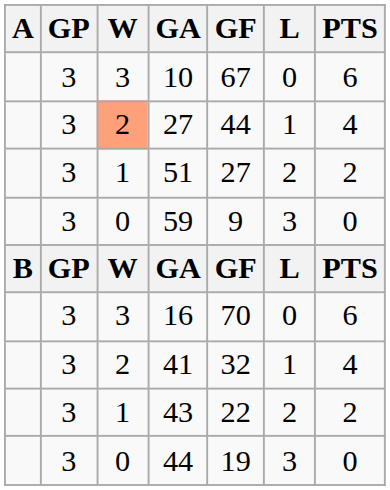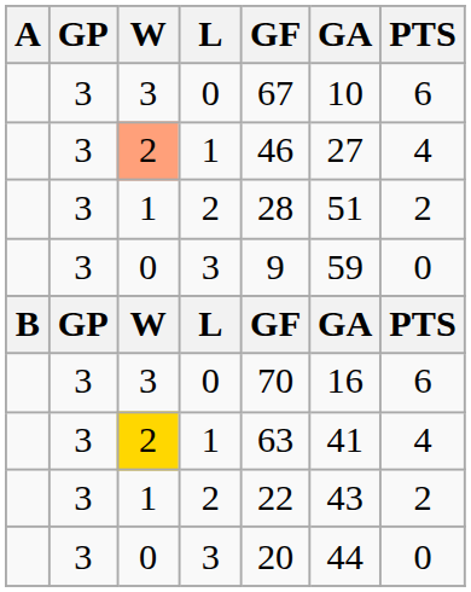 <table class="wikitable" style="text-align:center">
 <tr>
 <th>A</th>
 <th>GP</th>
 <th width=20>W</th>
+<th width=20>L</th>
+<th>GF</th>
 <th>GA</th>
-<th>GF</th>
-<th width=20>L</th>
 <th>PTS</th>
 </tr>
 <tr>
 <td align="left"></td>
 <td>3</td>
 <td>3</td>
+<td>0</td>
+<td>67</td>
 <td>10</td>
-<td>67</td>
-<td>0</td>
 <td>6</td>
 </tr>
 <tr>
 <td align="left"></td>
 <td>3</td>
 <td style="background: lightsalmon;">2</td>
+<td>1</td>
+<td>46</td>
 <td>27</td>
-<td>44</td>
-<td>1</td>
 <td>4</td>
 </tr>
 <tr>
 <td align="left"></td>
 <td>3</td>
 <td>1</td>
+<td>2</td>
+<td>28</td>
 <td>51</td>
-<td>27</td>
-<td>2</td>
 <td>2</td>
 </tr>
 <tr>
 <td align="left"></td>
 <td>3</td>
 <td>0</td>
+<td>3</td>
+<td>9</td>
 <td>59</td>
-<td>9</td>
-<td>3</td>
 <td>0</td>
 </tr>
 <tr>
 <th>B</th>
 <th>GP</th>
 <th>W</th>
+<th>L</th>
+<th>GF</th>
 <th>GA</th>
-<th>GF</th>
-<th>L</th>
 <th>PTS</th>
 </tr>
 <tr>
 <td align="left"></td>
 <td>3</td>
 <td>3</td>
+<td>0</td>
+<td>70</td>
 <td>16</td>
-<td>70</td>
-<td>0</td>
 <td>6</td>
 </tr>
 <tr>
 <td align="left"></td>
 <td>3</td>
-<td>2</td>
+<td style="background: gold;">2</td>
+<td>1</td>
+<td>63</td>
 <td>41</td>
-<td>32</td>
-<td>1</td>
 <td>4</td>
 </tr>
 <tr>
 <td align="left"></td>
 <td>3</td>
 <td>1</td>
+<td>2</td>
+<td>22</td>
 <td>43</td>
-<td>22</td>
-<td>2</td>
 <td>2</td>
 </tr>
 <tr>
 <td align="left"></td>
 <td>3</td>
 <td>0</td>
+<td>3</td>
+<td>20</td>
 <td>44</td>
-<td>19</td>
-<td>3</td>
 <td>0</td>
 </tr>
 </table>
